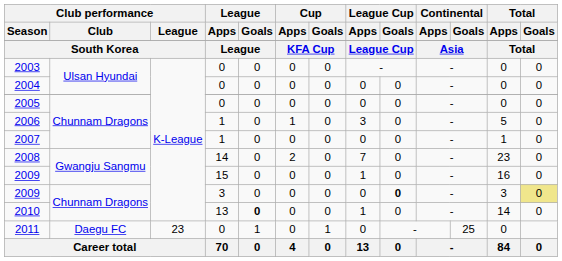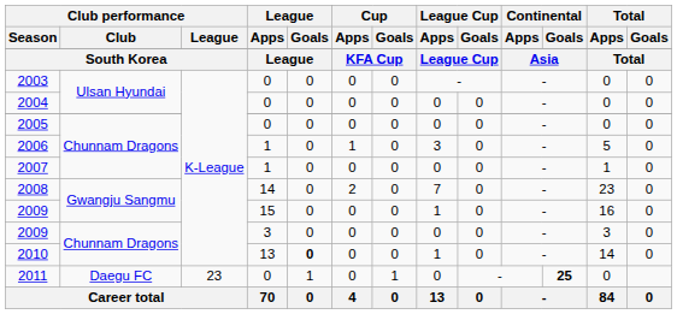 <table class="wikitable" style="text-align:center">
 <tr>
 <th colspan=3>Club performance</th>
 <th colspan=2>League</th>
 <th colspan=2>Cup</th>
 <th colspan=2>League Cup</th>
 <th colspan=2>Continental</th>
 <th colspan=2>Total</th>
 </tr>
 <tr>
 <th>Season</th>
 <th>Club</th>
 <th>League</th>
 <th>Apps</th>
 <th>Goals</th>
 <th>Apps</th>
 <th>Goals</th>
 <th>Apps</th>
 <th>Goals</th>
 <th>Apps</th>
 <th>Goals</th>
 <th>Apps</th>
 <th>Goals</th>
 </tr>
 <tr>
 </tr>
 <tr>
 <th colspan=3>South Korea</th>
 <th colspan=2>League</th>
 <th colspan=2><a href='#'>KFA Cup</a></th>
 <th colspan=2><a href='#'>League Cup</a></th>
 <th colspan=2><a href='#'>Asia</a></th>
 <th colspan=2>Total</th>
 </tr>
 <tr>
 <td><a href='#'>2003</a></td>
 <td rowspan="2"><a href='#'>Ulsan Hyundai</a></td>
 <td rowspan="10"><a href='#'>K-League</a></td>
 <td>0</td>
 <td>0</td>
 <td>0</td>
 <td>0</td>
 <td colspan="2">-</td>
 <td colspan="2">-</td>
 <td>0</td>
 <td>0</td>
 </tr>
 <tr>
 <td><a href='#'>2004</a></td>
 <td>0</td>
 <td>0</td>
 <td>0</td>
 <td>0</td>
 <td>0</td>
 <td>0</td>
 <td colspan="2">-</td>
 <td>0</td>
 <td>0</td>
 </tr>
 <tr>
 </tr>
 <tr>
 <td><a href='#'>2005</a></td>
 <td rowspan="3"><a href='#'>Chunnam Dragons</a></td>
 <td>0</td>
 <td>0</td>
 <td>0</td>
 <td>0</td>
 <td>0</td>
 <td>0</td>
 <td colspan="2">-</td>
 <td>0</td>
 <td>0</td>
 </tr>
 <tr>
 <td><a href='#'>2006</a></td>
 <td>1</td>
 <td>0</td>
 <td>1</td>
 <td>0</td>
 <td>3</td>
 <td>0</td>
 <td colspan="2">-</td>
 <td>5</td>
 <td>0</td>
 </tr>
 <tr>
 <td><a href='#'>2007</a></td>
 <td>1</td>
 <td>0</td>
 <td>0</td>
 <td>0</td>
 <td>0</td>
 <td>0</td>
 <td colspan="2">-</td>
 <td>1</td>
 <td>0</td>
 </tr>
 <tr>
 <td><a href='#'>2008</a></td>
 <td rowspan="2"><a href='#'>Gwangju Sangmu</a></td>
 <td>14</td>
 <td>0</td>
 <td>2</td>
 <td>0</td>
 <td>7</td>
 <td>0</td>
 <td colspan="2">-</td>
 <td>23</td>
 <td>0</td>
 </tr>
 <tr>
 <td><a href='#'>2009</a></td>
 <td>15</td>
 <td>0</td>
 <td>0</td>
 <td>0</td>
 <td>1</td>
 <td>0</td>
 <td colspan="2">-</td>
 <td>16</td>
 <td>0</td>
 </tr>
 <tr>
 <td><a href='#'>2009</a></td>
 <td rowspan="2"><a href='#'>Chunnam Dragons</a></td>
 <td>3</td>
 <td>0</td>
 <td>0</td>
 <td>0</td>
 <td>0</td>
-<td><strong>0</strong></td>
+<td>0</td>
 <td colspan="2">-</td>
 <td>3</td>
-<td style="background: khaki;">0</td>
+<td>0</td>
 </tr>
 <tr>
 <td><a href='#'>2010</a></td>
 <td>13</td>
 <td><strong>0</strong></td>
 <td>0</td>
 <td>0</td>
 <td>1</td>
 <td>0</td>
 <td colspan="2">-</td>
 <td>14</td>
 <td>0</td>
 </tr>
 <tr>
 <td><a href='#'>2011</a></td>
 <td><a href='#'>Daegu FC</a></td>
 <td>23</td>
 <td>0</td>
 <td>1</td>
 <td>0</td>
 <td>1</td>
 <td>0</td>
 <td colspan="2">-</td>
-<td>25</td>
+<td><strong>25</strong></td>
 <td>0</td>
 </tr>
 <tr>
 <th colspan=3>Career total</th>
 <th>70</th>
 <th>0</th>
 <th>4</th>
 <th>0</th>
 <th>13</th>
 <th>0</th>
 <th colspan="2">-</th>
 <th>84</th>
 <th>0</th>
 </tr>
 </table>
